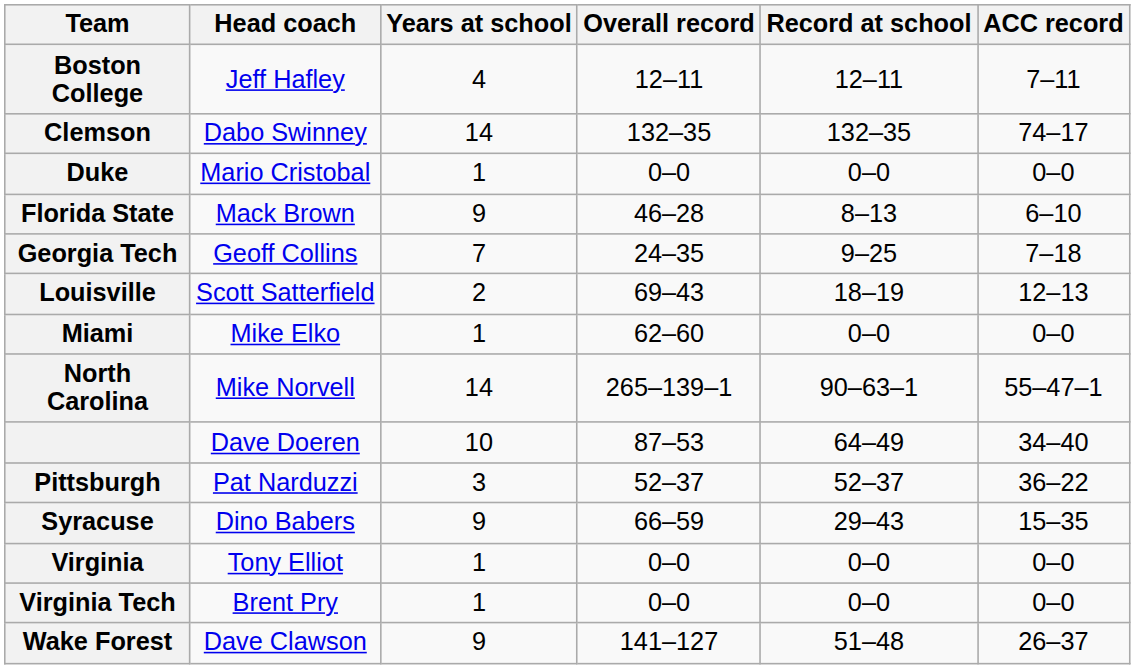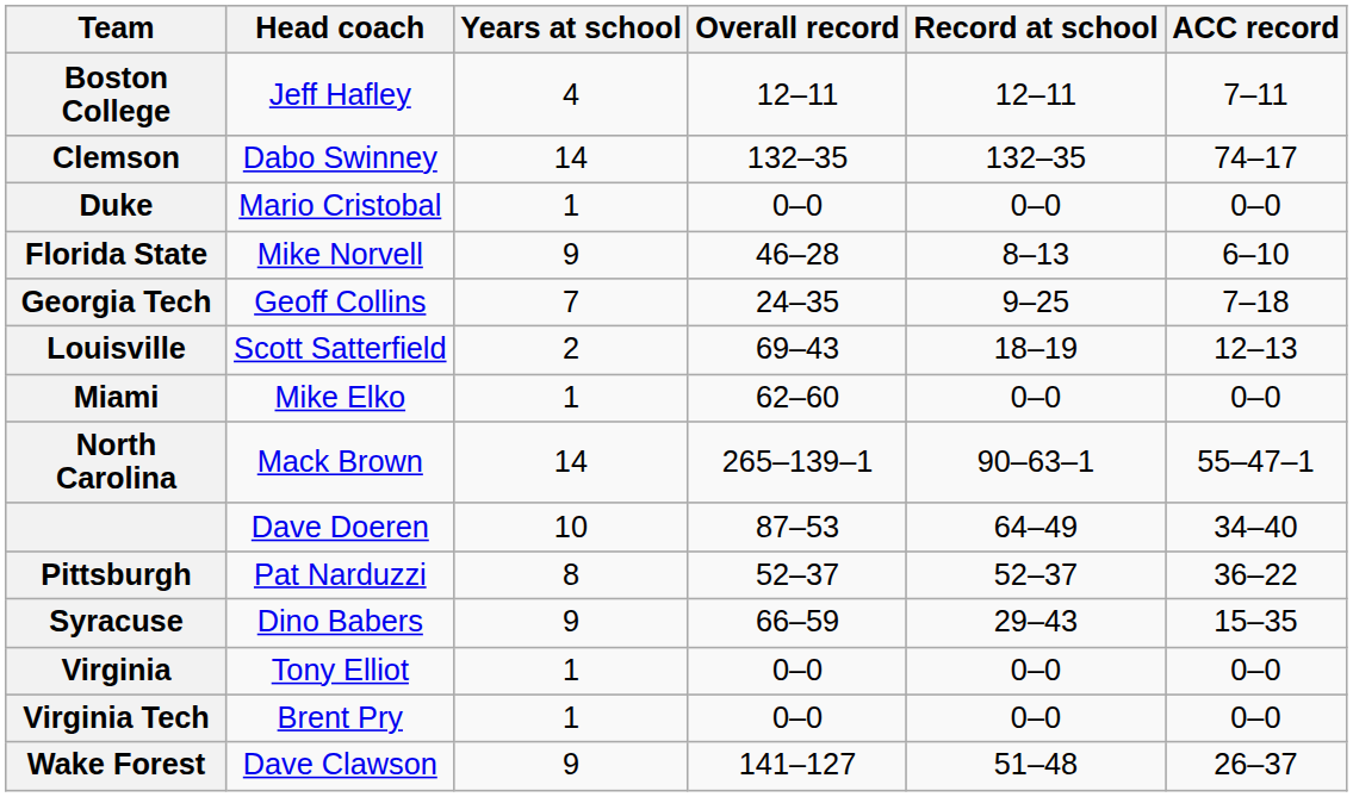 <table class="wikitable sortable" style="text-align: center;">
 <tr>
 <th width="110">Team</th>
 <th>Head coach</th>
 <th>Years at school</th>
 <th>Overall record</th>
 <th>Record at school</th>
 <th>ACC record</th>
 </tr>
 <tr>
 <th>Boston College</th>
 <td><a href='#'>Jeff Hafley</a></td>
 <td>4</td>
 <td>12–11</td>
 <td>12–11</td>
 <td>7–11</td>
 </tr>
 <tr>
 <th>Clemson</th>
 <td><a href='#'>Dabo Swinney</a></td>
 <td>14</td>
 <td>132–35</td>
 <td>132–35</td>
 <td>74–17</td>
 </tr>
 <tr>
 <th>Duke</th>
 <td><a href='#'>Mario Cristobal</a></td>
 <td>1</td>
 <td>0–0</td>
 <td>0–0</td>
 <td>0–0</td>
 </tr>
 <tr>
 <th>Florida State</th>
-<td><a href='#'>Mack Brown</a></td>
+<td><a href='#'>Mike Norvell</a></td>
 <td>9</td>
 <td>46–28</td>
 <td>8–13</td>
 <td>6–10</td>
 </tr>
 <tr>
 <th>Georgia Tech</th>
 <td><a href='#'>Geoff Collins</a></td>
 <td>7</td>
 <td>24–35</td>
 <td>9–25</td>
 <td>7–18</td>
 </tr>
 <tr>
 <th>Louisville</th>
 <td><a href='#'>Scott Satterfield</a></td>
 <td>2</td>
 <td>69–43</td>
 <td>18–19</td>
 <td>12–13</td>
 </tr>
 <tr>
 <th>Miami</th>
 <td><a href='#'>Mike Elko</a></td>
 <td>1</td>
 <td>62–60</td>
 <td>0–0</td>
 <td>0–0</td>
 </tr>
 <tr>
 <th>North Carolina</th>
-<td><a href='#'>Mike Norvell</a></td>
+<td><a href='#'>Mack Brown</a></td>
 <td>14</td>
 <td>265–139–1</td>
 <td>90–63–1</td>
 <td>55–47–1</td>
 </tr>
 <tr>
 <th></th>
 <td><a href='#'>Dave Doeren</a></td>
 <td>10</td>
 <td>87–53</td>
 <td>64–49</td>
 <td>34–40</td>
 </tr>
 <tr>
 <th>Pittsburgh</th>
 <td><a href='#'>Pat Narduzzi</a></td>
-<td>3</td>
+<td>8</td>
 <td>52–37</td>
 <td>52–37</td>
 <td>36–22</td>
 </tr>
 <tr>
 <th>Syracuse</th>
 <td><a href='#'>Dino Babers</a></td>
 <td>9</td>
 <td>66–59</td>
 <td>29–43</td>
 <td>15–35</td>
 </tr>
 <tr>
 <th>Virginia</th>
 <td><a href='#'>Tony Elliot</a></td>
 <td>1</td>
 <td>0–0</td>
 <td>0–0</td>
 <td>0–0</td>
 </tr>
 <tr>
 <th>Virginia Tech</th>
 <td><a href='#'>Brent Pry</a></td>
 <td>1</td>
 <td>0–0</td>
 <td>0–0</td>
 <td>0–0</td>
 </tr>
 <tr>
 <th>Wake Forest</th>
 <td><a href='#'>Dave Clawson</a></td>
 <td>9</td>
 <td>141–127</td>
 <td>51–48</td>
 <td>26–37</td>
 </tr>
 </table>
